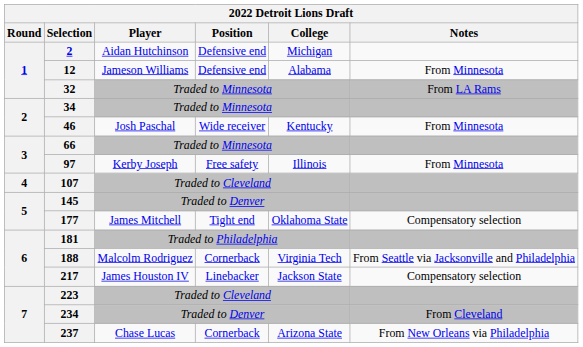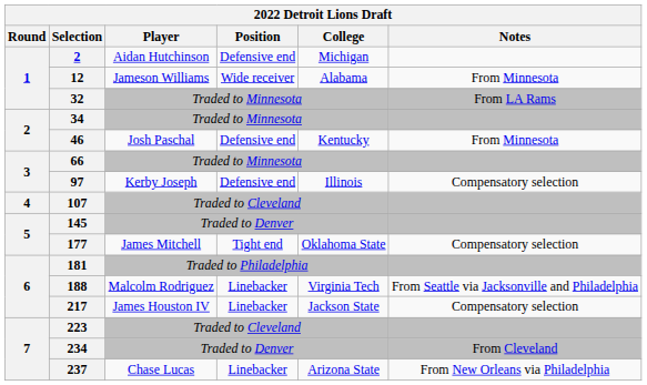 <table class="wikitable" style="text-align:center">
 <tr>
 <th colspan=6>2022 Detroit Lions Draft</th>
 </tr>
 <tr>
 <th>Round</th>
 <th>Selection</th>
 <th>Player</th>
 <th>Position</th>
 <th>College</th>
 <th>Notes</th>
 </tr>
 <tr>
 <th rowspan=3><a href='#'>1</a></th>
 <th><a href='#'>2</a></th>
 <td><a href='#'>Aidan Hutchinson</a></td>
 <td><a href='#'>Defensive end</a></td>
 <td><a href='#'>Michigan</a></td>
 <td></td>
 </tr>
 <tr>
 <th>12</th>
 <td><a href='#'>Jameson Williams</a></td>
-<td><a href='#'>Defensive end</a></td>
+<td><a href='#'>Wide receiver</a></td>
 <td><a href='#'>Alabama</a></td>
 <td>From <a href='#'>Minnesota</a></td>
 </tr>
 <tr>
 <th>32</th>
 <td colspan="3" style="background:#BFBFBF"><em>Traded to <a href='#'>Minnesota</a></em></td>
 <td style="background:#BFBFBF">From <a href='#'>LA Rams</a></td>
 </tr>
 <tr>
 <th rowspan="2">2</th>
 <th>34</th>
 <td colspan="3" style="background:#BFBFBF"><em>Traded to <a href='#'>Minnesota</a></em></td>
 <td style="background:#BFBFBF"></td>
 </tr>
 <tr>
 <th>46</th>
 <td><a href='#'>Josh Paschal</a></td>
-<td><a href='#'>Wide receiver</a></td>
+<td><a href='#'>Defensive end</a></td>
 <td><a href='#'>Kentucky</a></td>
 <td>From <a href='#'>Minnesota</a></td>
 </tr>
 <tr>
 <th rowspan="2">3</th>
 <th>66</th>
 <td colspan="3" style="background:#BFBFBF"><em>Traded to <a href='#'>Minnesota</a></em></td>
 <td style="background:#BFBFBF"></td>
 </tr>
 <tr>
 <th>97</th>
 <td><a href='#'>Kerby Joseph</a></td>
-<td><a href='#'>Free safety</a></td>
+<td><a href='#'>Defensive end</a></td>
 <td><a href='#'>Illinois</a></td>
-<td>From <a href='#'>Minnesota</a></td>
+<td>Compensatory selection</td>
 </tr>
 <tr>
 <th>4</th>
 <th>107</th>
 <td colspan="3" style="background:#BFBFBF"><em>Traded to <a href='#'>Cleveland</a></em></td>
 <td style="background:#BFBFBF"></td>
 </tr>
 <tr>
 <th rowspan="2">5</th>
 <th>145</th>
 <td colspan="3" style="background:#BFBFBF"><em>Traded to <a href='#'>Denver</a></em></td>
 <td style="background:#BFBFBF"></td>
 </tr>
 <tr>
 <th>177</th>
 <td><a href='#'>James Mitchell</a></td>
 <td><a href='#'>Tight end</a></td>
 <td><a href='#'>Oklahoma State</a></td>
 <td>Compensatory selection</td>
 </tr>
 <tr>
 <th rowspan=3>6</th>
 <th>181</th>
 <td colspan="3" style="background:#BFBFBF"><em>Traded to <a href='#'>Philadelphia</a></em></td>
 <td style="background:#BFBFBF"></td>
 </tr>
 <tr>
 <th>188</th>
 <td><a href='#'>Malcolm Rodriguez</a></td>
-<td><a href='#'>Cornerback</a></td>
+<td><a href='#'>Linebacker</a></td>
 <td><a href='#'>Virginia Tech</a></td>
 <td>From <a href='#'>Seattle</a> via <a href='#'>Jacksonville</a> and <a href='#'>Philadelphia</a></td>
 </tr>
 <tr>
 <th>217</th>
 <td><a href='#'>James Houston IV</a></td>
 <td><a href='#'>Linebacker</a></td>
 <td><a href='#'>Jackson State</a></td>
 <td>Compensatory selection</td>
 </tr>
 <tr>
 <th rowspan="3">7</th>
 <th>223</th>
 <td colspan="3" style="background:#BFBFBF"><em>Traded to <a href='#'>Cleveland</a></em></td>
 <td style="background:#BFBFBF"></td>
 </tr>
 <tr>
 <th>234</th>
 <td colspan="3" style="background:#BFBFBF"><em>Traded to <a href='#'>Denver</a></em></td>
 <td style="background:#BFBFBF">From <a href='#'>Cleveland</a></td>
 </tr>
 <tr>
 <th>237</th>
 <td><a href='#'>Chase Lucas</a></td>
-<td><a href='#'>Cornerback</a></td>
+<td><a href='#'>Linebacker</a></td>
 <td><a href='#'>Arizona State</a></td>
 <td>From <a href='#'>New Orleans</a> via <a href='#'>Philadelphia</a></td>
 </tr>
 </table>
